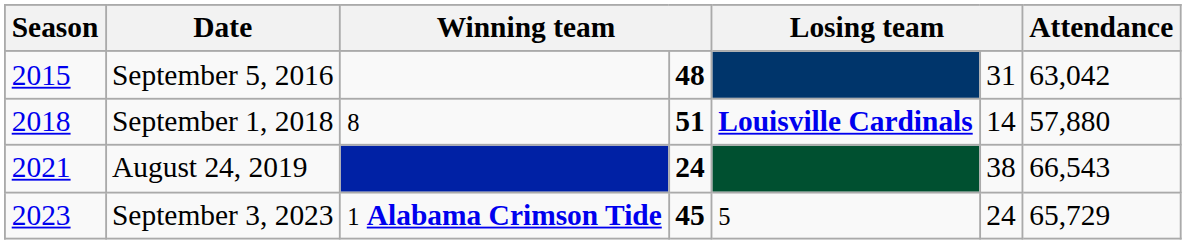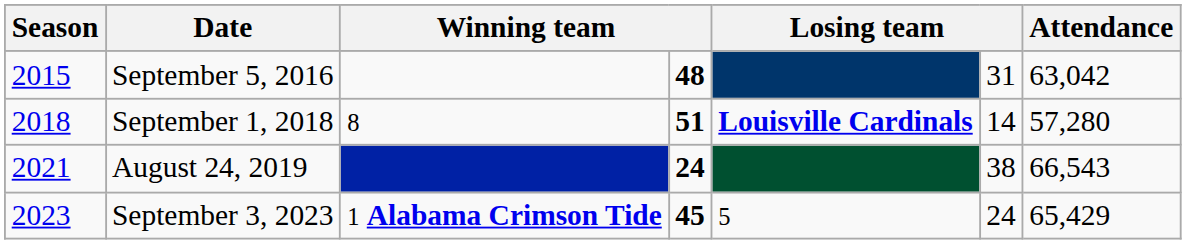 <table class=wikitable>
 <tr>
 <th>Season</th>
 <th>Date</th>
 <th colspan=2>Winning team</th>
 <th colspan=2>Losing team</th>
 <th>Attendance</th>
 </tr>
 <tr>
 <td><a href='#'>2015</a></td>
 <td>September 5, 2016</td>
 <td><small></small> <strong><a href='#'></a></strong></td>
 <td><strong>48</strong></td>
 <td style="background:#00356B; color:navy blue"><small></small> <strong><a href='#'></a></strong></td>
 <td>31</td>
 <td>63,042</td>
 </tr>
 <tr>
 <td><a href='#'>2018</a></td>
 <td>September 1, 2018</td>
 <td><small>8</small> <strong><a href='#'></a></strong></td>
 <td><strong>51</strong></td>
 <td><strong><a href='#'><span>Louisville Cardinals</span></a></strong></td>
 <td>14</td>
-<td>57,880</td>
+<td>57,280</td>
 </tr>
 <tr>
 <td><a href='#'>2021</a></td>
 <td>August 24, 2019</td>
 <td style="background:#0021A5; color:blue"><small></small> <strong><a href='#'></a></strong></td>
 <td><strong>24</strong></td>
 <td style="background:#005030; color:green"><strong><a href='#'></a></strong></td>
 <td>38</td>
 <td>66,543</td>
 </tr>
 <tr>
 <td><a href='#'>2023</a></td>
 <td>September 3, 2023</td>
 <td><small>1</small> <strong><a href='#'><span>Alabama Crimson Tide</span></a></strong></td>
 <td><strong>45</strong></td>
 <td><small>5</small> <strong><a href='#'></a></strong></td>
 <td>24</td>
-<td>65,729</td>
+<td>65,429</td>
 </tr>
 </table>
